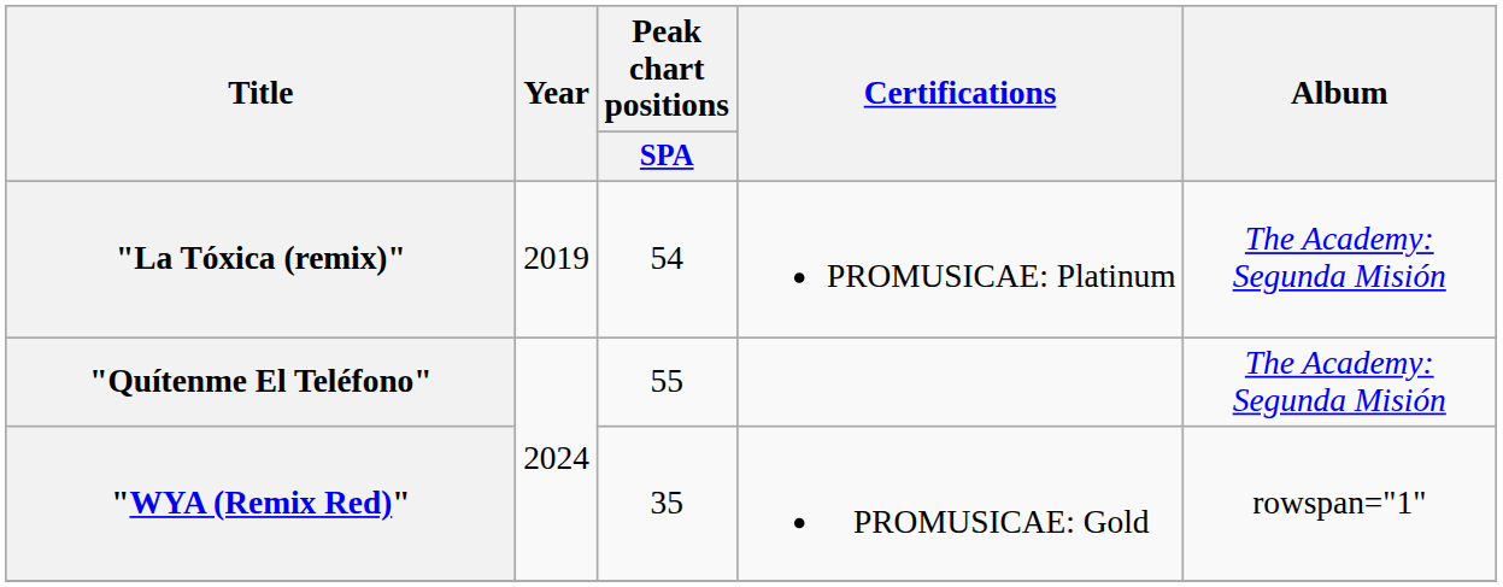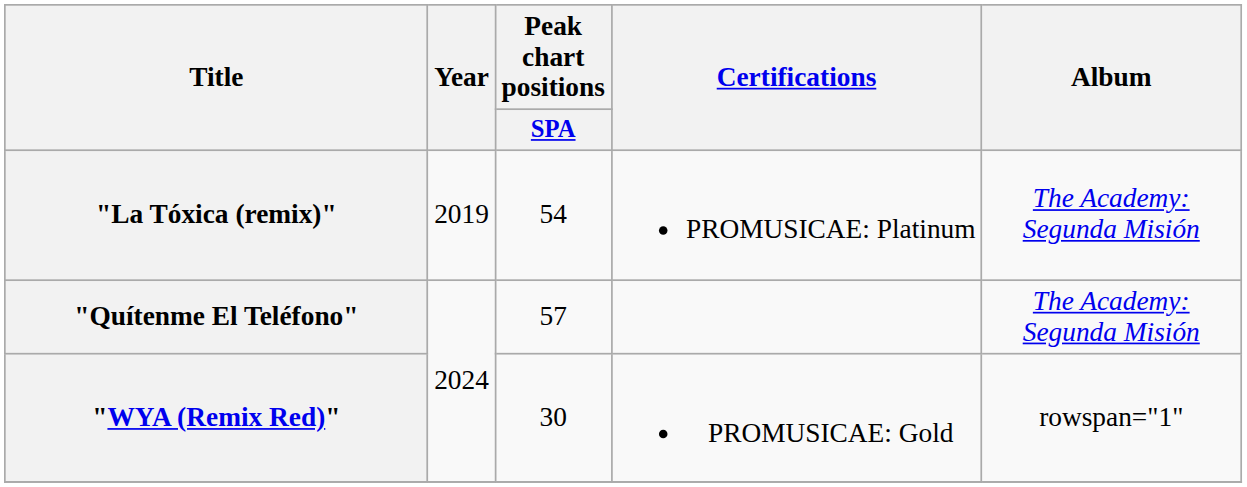 <table class="wikitable plainrowheaders" style="text-align:center;">
 <tr>
 <th scope="col" rowspan="2" style="width:15em;">Title</th>
 <th scope="col" rowspan="2" style="width:1em;">Year</th>
 <th>Peak chart positions</th>
 <th scope="col" rowspan="2"><a href='#'>Certifications</a></th>
 <th scope="col" rowspan="2" style="width:9em;">Album</th>
 </tr>
 <tr>
 <th scope="col" style="width:3em;font-size:90%;"><a href='#'>SPA</a><br></th>
 </tr>
 <tr>
 <th scope="row">"La Tóxica (remix)"<br></th>
 <td>2019</td>
 <td>54</td>
 <td><br><ul><li>PROMUSICAE: Platinum</li></ul></td>
 <td><em><a href='#'>The Academy: Segunda Misión</a></em></td>
 </tr>
 <tr>
 <th scope="row">"Quítenme El Teléfono"<br></th>
 <td rowspan="2">2024</td>
-<td>55</td>
+<td>57</td>
 <td></td>
 <td><em><a href='#'>The Academy: Segunda Misión</a></em></td>
 </tr>
 <tr>
 <th scope="row">"<a href='#'>WYA (Remix Red)</a>"<br></th>
-<td>35</td>
+<td>30</td>
 <td><br><ul><li>PROMUSICAE: Gold</li></ul></td>
 <td>rowspan="1" </td>
 </tr>
 <tr>
 </tr>
 </table>
